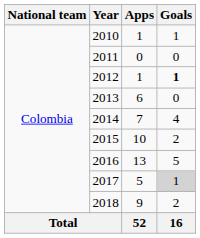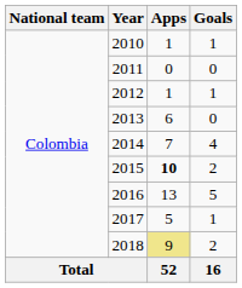 <table class="wikitable" style="text-align:center">
 <tr>
 <th>National team</th>
 <th>Year</th>
 <th>Apps</th>
 <th>Goals</th>
 </tr>
 <tr>
 <td rowspan="9"><a href='#'>Colombia</a></td>
 <td>2010</td>
 <td>1</td>
 <td>1</td>
 </tr>
 <tr>
 <td>2011</td>
 <td>0</td>
 <td>0</td>
 </tr>
 <tr>
 <td>2012</td>
 <td>1</td>
-<td><strong>1</strong></td>
+<td>1</td>
 </tr>
 <tr>
 <td>2013</td>
 <td>6</td>
 <td>0</td>
 </tr>
 <tr>
 <td>2014</td>
 <td>7</td>
 <td>4</td>
 </tr>
 <tr>
 <td>2015</td>
-<td>10</td>
+<td><strong>10</strong></td>
 <td>2</td>
 </tr>
 <tr>
 <td>2016</td>
 <td>13</td>
 <td>5</td>
 </tr>
 <tr>
 <td>2017</td>
 <td>5</td>
-<td style="background: lightgrey;">1</td>
+<td>1</td>
 </tr>
 <tr>
 <td>2018</td>
-<td>9</td>
+<td style="background: khaki;">9</td>
 <td>2</td>
 </tr>
 <tr>
 <th colspan="2">Total</th>
 <th>52</th>
 <th>16</th>
 </tr>
 </table>
